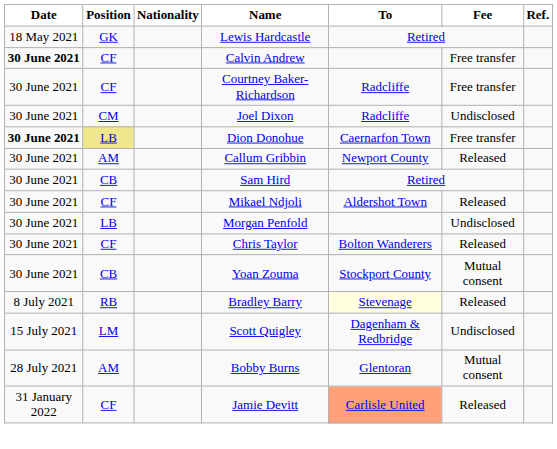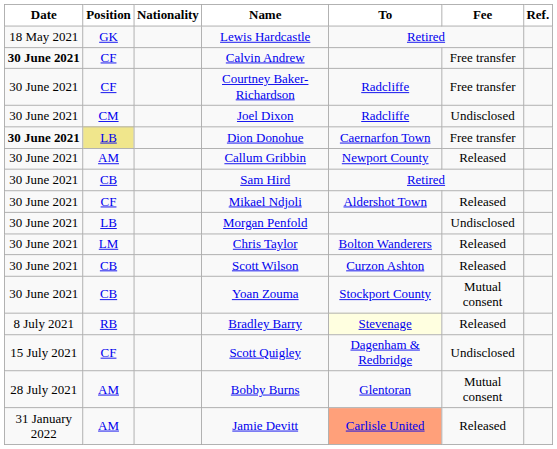 <table class="wikitable"  style="text-align:center; font-size:90%; ">
 <tr>
 <th style="background:white;">Date</th>
 <th style="background:white;">Position</th>
 <th style="background:white;">Nationality</th>
 <th style="background:white;">Name</th>
 <th style="background:white;">To</th>
 <th style="background:white;">Fee</th>
 <th style="background:white;">Ref.</th>
 </tr>
 <tr>
 <td>18 May 2021</td>
 <td><a href='#'>GK</a></td>
 <td></td>
 <td><a href='#'>Lewis Hardcastle</a></td>
 <td colspan="2"><a href='#'>Retired</a></td>
 <td></td>
 </tr>
 <tr>
 <td><strong>30 June 2021</strong></td>
 <td><a href='#'>CF</a></td>
 <td></td>
 <td><a href='#'>Calvin Andrew</a></td>
 <td></td>
 <td>Free transfer</td>
 <td></td>
 </tr>
 <tr>
 <td>30 June 2021</td>
 <td><a href='#'>CF</a></td>
 <td></td>
 <td><a href='#'>Courtney Baker-Richardson</a></td>
 <td> <a href='#'>Radcliffe</a></td>
 <td>Free transfer</td>
 <td></td>
 </tr>
 <tr>
 <td>30 June 2021</td>
 <td><a href='#'>CM</a></td>
 <td></td>
 <td><a href='#'>Joel Dixon</a></td>
 <td> <a href='#'>Radcliffe</a></td>
 <td>Undisclosed</td>
 <td></td>
 </tr>
 <tr>
 <td><strong>30 June 2021</strong></td>
 <td style="background: khaki;"><a href='#'>LB</a></td>
 <td></td>
 <td><a href='#'>Dion Donohue</a></td>
 <td> <a href='#'>Caernarfon Town</a></td>
 <td>Free transfer</td>
 <td></td>
 </tr>
 <tr>
 <td>30 June 2021</td>
 <td><a href='#'>AM</a></td>
 <td></td>
 <td><a href='#'>Callum Gribbin</a></td>
 <td> <a href='#'>Newport County</a></td>
 <td>Released</td>
 <td></td>
 </tr>
 <tr>
 <td>30 June 2021</td>
 <td><a href='#'>CB</a></td>
 <td></td>
 <td><a href='#'>Sam Hird</a></td>
 <td colspan="2"><a href='#'>Retired</a></td>
 <td></td>
 </tr>
 <tr>
 <td>30 June 2021</td>
 <td><a href='#'>CF</a></td>
 <td></td>
 <td><a href='#'>Mikael Ndjoli</a></td>
 <td> <a href='#'>Aldershot Town</a></td>
 <td>Released</td>
 <td></td>
 </tr>
 <tr>
 <td>30 June 2021</td>
 <td><a href='#'>LB</a></td>
 <td></td>
 <td><a href='#'>Morgan Penfold</a></td>
 <td></td>
 <td>Undisclosed</td>
 <td></td>
 </tr>
 <tr>
 <td>30 June 2021</td>
-<td><a href='#'>CF</a></td>
+<td><a href='#'>LM</a></td>
 <td></td>
 <td><a href='#'>Chris Taylor</a></td>
 <td> <a href='#'>Bolton Wanderers</a></td>
+<td>Released</td>
+<td></td>
+</tr>
+<tr>
+<td>30 June 2021</td>
+<td><a href='#'>CB</a></td>
+<td></td>
+<td><a href='#'>Scott Wilson</a></td>
+<td> <a href='#'>Curzon Ashton</a></td>
 <td>Released</td>
 <td></td>
 </tr>
 <tr>
 <td>30 June 2021</td>
 <td><a href='#'>CB</a></td>
 <td></td>
 <td><a href='#'>Yoan Zouma</a></td>
 <td> <a href='#'>Stockport County</a></td>
 <td>Mutual consent</td>
 <td></td>
 </tr>
 <tr>
 <td>8 July 2021</td>
 <td><a href='#'>RB</a></td>
 <td></td>
 <td><a href='#'>Bradley Barry</a></td>
 <td style="background: lightyellow;"> <a href='#'>Stevenage</a></td>
 <td>Released</td>
 <td></td>
 </tr>
 <tr>
 <td>15 July 2021</td>
-<td><a href='#'>LM</a></td>
+<td><a href='#'>CF</a></td>
 <td></td>
 <td><a href='#'>Scott Quigley</a></td>
 <td> <a href='#'>Dagenham & Redbridge</a></td>
 <td>Undisclosed</td>
 <td></td>
 </tr>
 <tr>
 <td>28 July 2021</td>
 <td><a href='#'>AM</a></td>
 <td></td>
 <td><a href='#'>Bobby Burns</a></td>
 <td> <a href='#'>Glentoran</a></td>
 <td>Mutual consent</td>
 <td></td>
 </tr>
 <tr>
 <td>31 January 2022</td>
-<td><a href='#'>CF</a></td>
+<td><a href='#'>AM</a></td>
 <td></td>
 <td><a href='#'>Jamie Devitt</a></td>
 <td style="background: lightsalmon;"> <a href='#'>Carlisle United</a></td>
 <td>Released</td>
 <td></td>
 </tr>
 </table>
